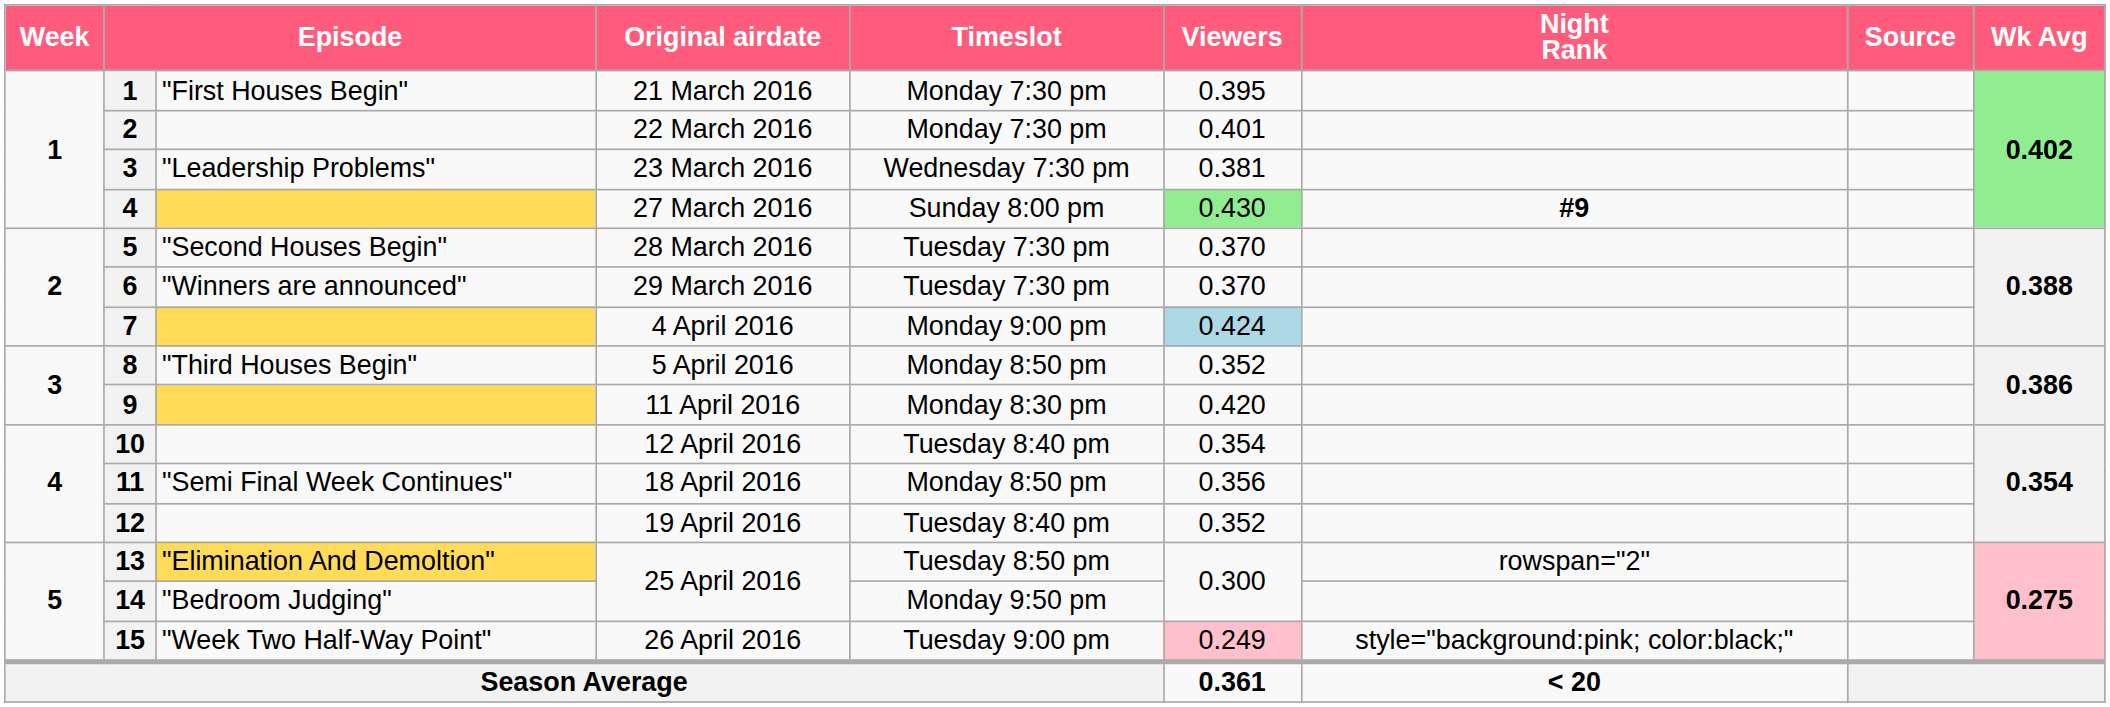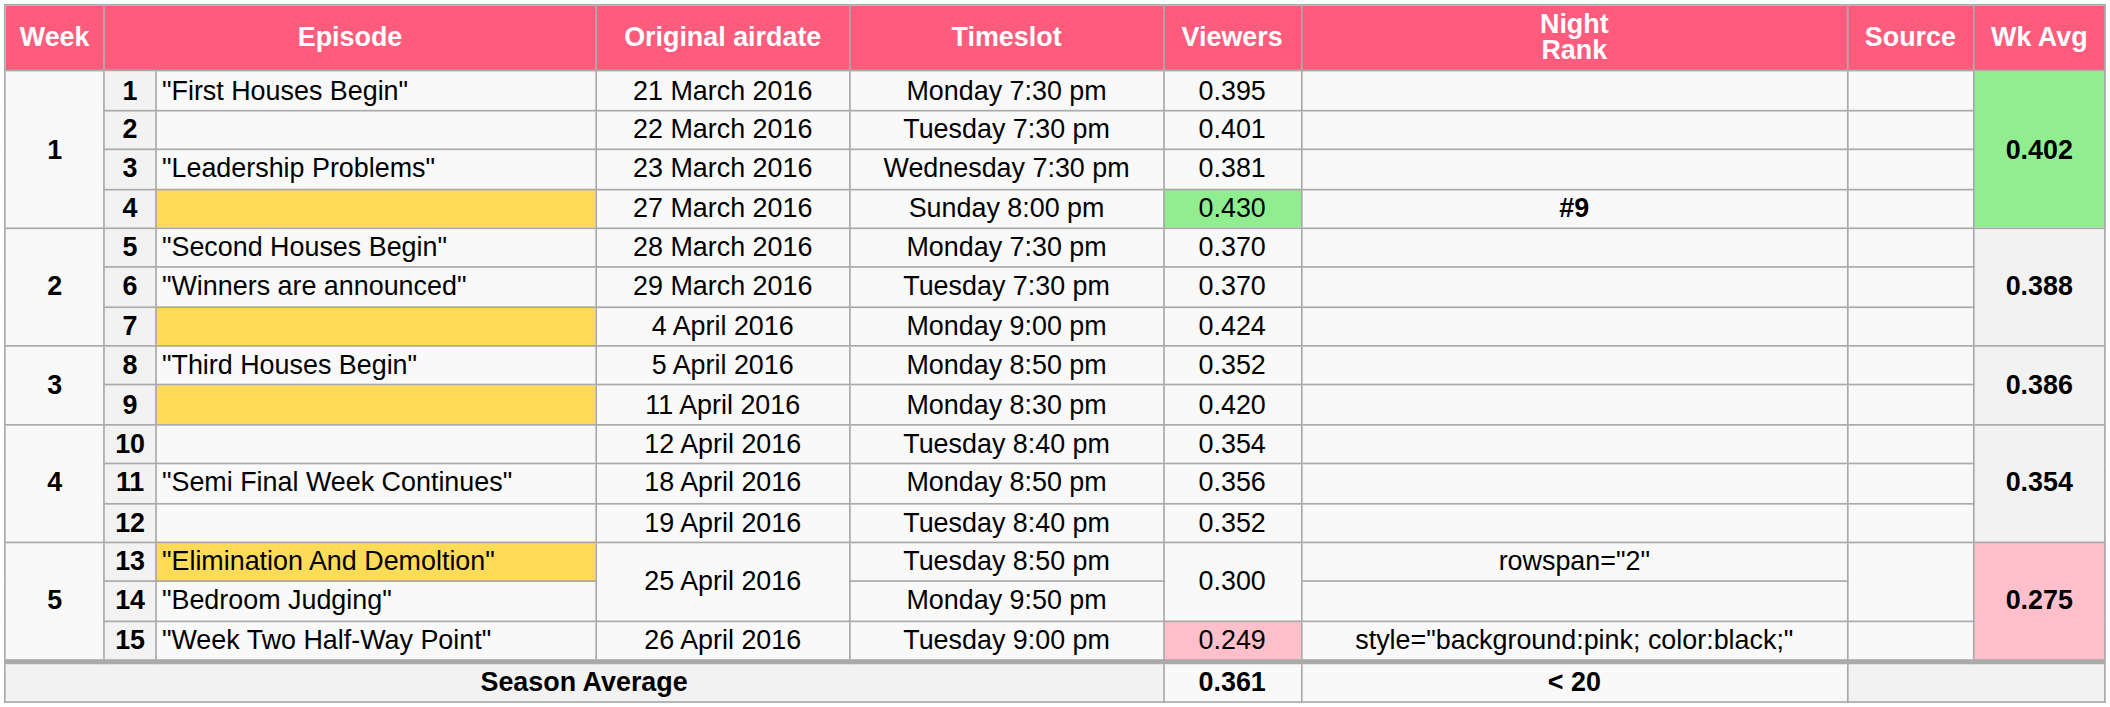 <table class="wikitable plainrowheaders" style="text-align:center; line-height:16px; width:99%;">
 <tr>
 <th style="background:#FF5C7D; color:white;">Week</th>
 <th style="background:#FF5C7D; color:white;" colspan="2">Episode</th>
 <th style="background:#FF5C7D; color:white;">Original airdate</th>
 <th style="background:#FF5C7D; color:white;">Timeslot</th>
 <th style="background:#FF5C7D; color:white;">Viewers<br><small></small></th>
 <th style="background:#FF5C7D; color:white;">Night<br>Rank</th>
 <th style="background:#FF5C7D; color:white;">Source</th>
 <th style="background:#FF5C7D; color:white;">Wk Avg<br><small></small></th>
 </tr>
 <tr>
 <td rowspan="4"><strong>1</strong></td>
 <th>1</th>
 <td scope="row" style="text-align:left">"First Houses Begin"</td>
 <td scope="row" style="text-align:center">21 March 2016</td>
 <td>Monday 7:30 pm</td>
 <td>0.395</td>
 <td></td>
 <td></td>
 <th rowspan="4" style="background:lightgreen; color:black;">0.402</th>
 </tr>
 <tr>
 <th>2</th>
 <td scope="row" style="text-align:left"></td>
 <td scope="row" style="text-align:center">22 March 2016</td>
-<td>Monday 7:30 pm</td>
+<td>Tuesday 7:30 pm</td>
 <td>0.401</td>
 <td></td>
 <td></td>
 </tr>
 <tr>
 <th>3</th>
 <td scope="row" style="text-align:left">"Leadership Problems"</td>
 <td scope="row" style="text-align:center">23 March 2016</td>
 <td>Wednesday 7:30 pm</td>
 <td>0.381</td>
 <td></td>
 <td></td>
 </tr>
 <tr>
 <th>4</th>
 <td scope="row" style="text-align:left; background:#FFDB58"></td>
 <td scope="row" style="text-align:center">27 March 2016</td>
 <td>Sunday 8:00 pm</td>
 <td style="background:lightgreen; color:black;">0.430</td>
 <td><strong>#9</strong></td>
 <td></td>
 </tr>
 <tr>
 <td rowspan="3"><strong>2</strong></td>
 <th>5</th>
 <td scope="row" style="text-align:left">"Second Houses Begin"</td>
 <td scope="row" style="text-align:center">28 March 2016</td>
-<td>Tuesday 7:30 pm</td>
+<td>Monday 7:30 pm</td>
 <td>0.370</td>
 <td></td>
 <td></td>
 <th rowspan="3">0.388</th>
 </tr>
 <tr>
 <th>6</th>
 <td scope="row" style="text-align:left;">"Winners are announced"</td>
 <td scope="row" style="text-align:center">29 March 2016</td>
 <td>Tuesday 7:30 pm</td>
 <td>0.370</td>
 <td></td>
 <td></td>
 </tr>
 <tr>
 <th>7</th>
 <td scope="row" style="text-align:left; background:#FFDB58"></td>
 <td scope="row" style="text-align:center">4 April 2016</td>
 <td>Monday 9:00 pm</td>
-<td style="background: lightblue;">0.424</td>
+<td>0.424</td>
 <td></td>
 <td></td>
 </tr>
 <tr>
 <td rowspan="2"><strong>3</strong></td>
 <th>8</th>
 <td scope="row" style="text-align:left">"Third Houses Begin"</td>
 <td scope="row" style="text-align:center">5 April 2016</td>
 <td>Monday 8:50 pm</td>
 <td>0.352</td>
 <td></td>
 <td></td>
 <th rowspan="2">0.386</th>
 </tr>
 <tr>
 <th>9</th>
 <td scope="row" style="text-align:left; background:#FFDB58"></td>
 <td scope="row" style="text-align:center">11 April 2016</td>
 <td>Monday 8:30 pm</td>
 <td>0.420</td>
 <td></td>
 <td></td>
 </tr>
 <tr>
 <td rowspan="3"><strong>4</strong></td>
 <th>10</th>
 <td scope="row" style="text-align:left"></td>
 <td scope="row" style="text-align:center">12 April 2016</td>
 <td>Tuesday 8:40 pm</td>
 <td>0.354</td>
 <td></td>
 <td></td>
 <th rowspan="3">0.354</th>
 </tr>
 <tr>
 <th>11</th>
 <td scope="row" style="text-align:left">"Semi Final Week Continues"</td>
 <td scope="row" style="text-align:center">18 April 2016</td>
 <td>Monday 8:50 pm</td>
 <td>0.356</td>
 <td></td>
 <td></td>
 </tr>
 <tr>
 <th>12</th>
 <td scope="row" style="text-align:left"></td>
 <td scope="row" style="text-align:center">19 April 2016</td>
 <td>Tuesday 8:40 pm</td>
 <td>0.352</td>
 <td></td>
 <td></td>
 </tr>
 <tr>
 <td rowspan="3"><strong>5</strong></td>
 <th>13</th>
 <td scope="row" style="text-align:left; background:#FFDB58">"Elimination And Demoltion"</td>
 <td rowspan="2" scope="row" style="text-align:center">25 April 2016</td>
 <td>Tuesday 8:50 pm</td>
 <td rowspan="2">0.300</td>
 <td>rowspan="2" </td>
 <td rowspan="2"></td>
 <th rowspan="3" style="background:pink; color:black;">0.275</th>
 </tr>
 <tr>
 <th>14</th>
 <td scope="row" style="text-align:left;">"Bedroom Judging"</td>
 <td>Monday 9:50 pm</td>
 </tr>
 <tr>
 <th>15</th>
 <td scope="row" style="text-align:left">"Week Two Half-Way Point"</td>
 <td scope="row" style="text-align:center">26 April 2016</td>
 <td>Tuesday 9:00 pm</td>
 <td style="background:pink; color:black;">0.249</td>
 <td>style="background:pink; color:black;" </td>
 <td></td>
 </tr>
 <tr style="border-top:3px solid #aaa;">
 <th colspan="5">Season Average</th>
 <td><strong>0.361</strong></td>
 <td><strong>< 20</strong></td>
 <th colspan="2"></th>
 </tr>
 </table>
